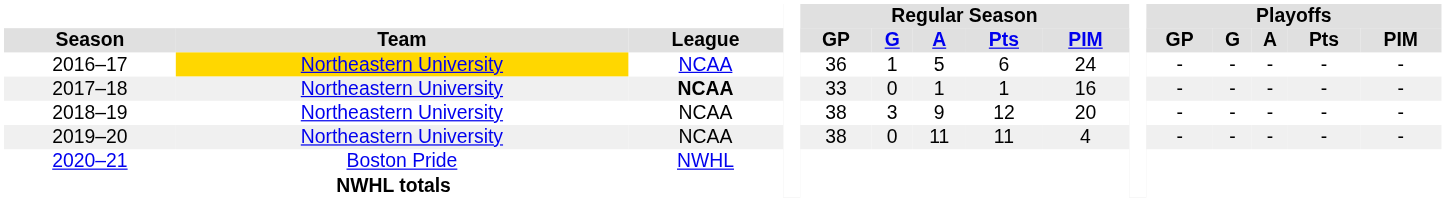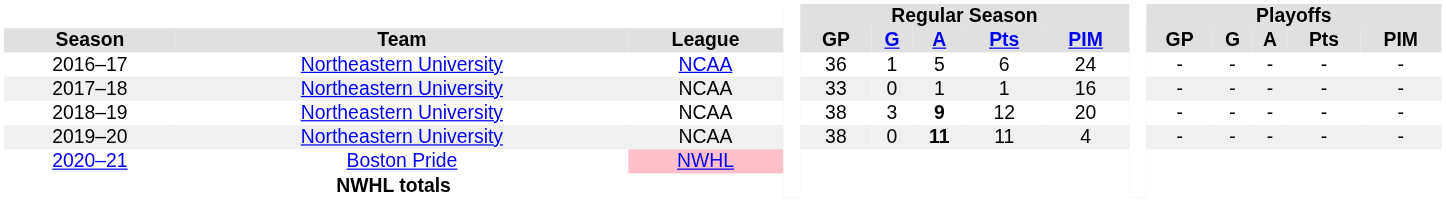 <table border="0" cellpadding="1" cellspacing="0" style="text-align:center; width:75%">
 <tr bgcolor="#e0e0e0">
 <th colspan="3"  bgcolor="#ffffff"> </th>
 <th rowspan="99" bgcolor="#ffffff"> </th>
 <th colspan="5">Regular Season</th>
 <th rowspan="99" bgcolor="#ffffff"> </th>
 <th colspan="5">Playoffs</th>
 </tr>
 <tr bgcolor="#e0e0e0">
 <th>Season</th>
 <th>Team</th>
 <th>League</th>
 <th>GP</th>
 <th><a href='#'>G</a></th>
 <th><a href='#'>A</a></th>
 <th><a href='#'>Pts</a></th>
 <th><a href='#'>PIM</a></th>
 <th>GP</th>
 <th>G</th>
 <th>A</th>
 <th>Pts</th>
 <th>PIM</th>
 </tr>
 <tr>
 <td>2016–17</td>
-<td style="background: gold;"><a href='#'>Northeastern University</a></td>
+<td><a href='#'>Northeastern University</a></td>
 <td><a href='#'>NCAA</a></td>
 <td>36</td>
 <td>1</td>
 <td>5</td>
 <td>6</td>
 <td>24</td>
 <td>-</td>
 <td>-</td>
 <td>-</td>
 <td>-</td>
 <td>-</td>
 </tr>
 <tr bgcolor="#f0f0f0">
 <td>2017–18</td>
 <td><a href='#'>Northeastern University</a></td>
-<td><strong>NCAA</strong></td>
+<td>NCAA</td>
 <td>33</td>
 <td>0</td>
 <td>1</td>
 <td>1</td>
 <td>16</td>
 <td>-</td>
 <td>-</td>
 <td>-</td>
 <td>-</td>
 <td>-</td>
 </tr>
 <tr>
 <td>2018–19</td>
 <td><a href='#'>Northeastern University</a></td>
 <td>NCAA</td>
 <td>38</td>
 <td>3</td>
-<td>9</td>
+<td><strong>9</strong></td>
 <td>12</td>
 <td>20</td>
 <td>-</td>
 <td>-</td>
 <td>-</td>
 <td>-</td>
 <td>-</td>
 </tr>
 <tr bgcolor="#f0f0f0">
 <td>2019–20</td>
 <td><a href='#'>Northeastern University</a></td>
 <td>NCAA</td>
 <td>38</td>
 <td>0</td>
-<td>11</td>
+<td><strong>11</strong></td>
 <td>11</td>
 <td>4</td>
 <td>-</td>
 <td>-</td>
 <td>-</td>
 <td>-</td>
 <td>-</td>
 </tr>
 <tr>
 <td><a href='#'>2020–21</a></td>
 <td><a href='#'>Boston Pride</a></td>
-<td><a href='#'>NWHL</a></td>
+<td style="background: pink;"><a href='#'>NWHL</a></td>
 <td></td>
 <td></td>
 <td></td>
 <td></td>
 <td></td>
 <td></td>
 <td></td>
 <td></td>
 <td></td>
 <td></td>
 </tr>
 <tr>
 <th colspan="3">NWHL totals</th>
 <th></th>
 <th></th>
 <th></th>
 <th></th>
 <th></th>
 <th></th>
 <th></th>
 <th></th>
 <th></th>
 <th></th>
 </tr>
 </table>
